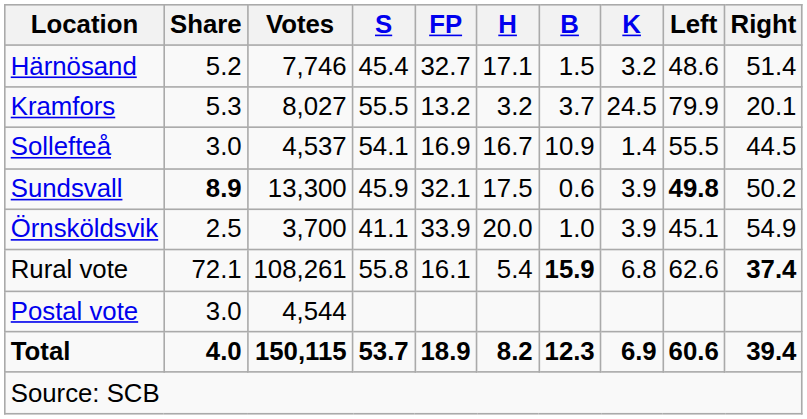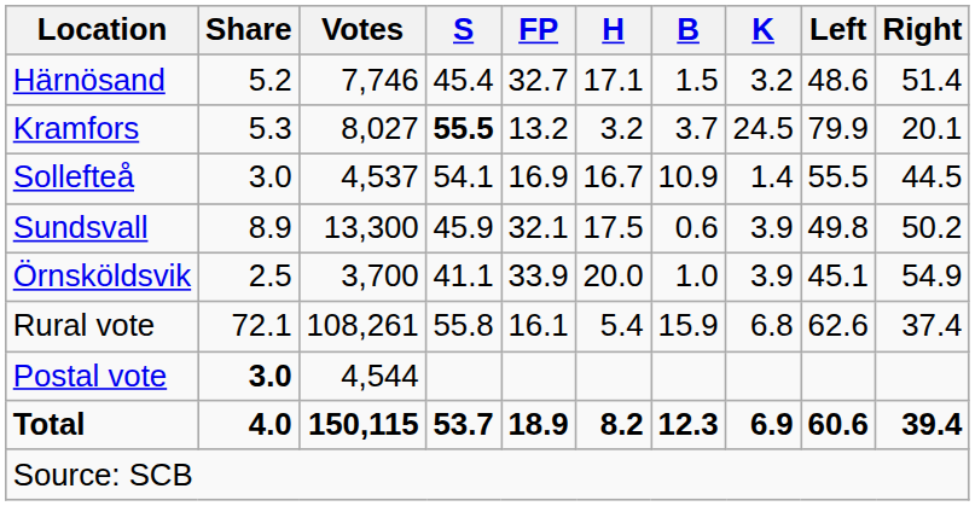 <table class="wikitable sortable" style=text-align:right>
 <tr>
 <th>Location</th>
 <th>Share</th>
 <th>Votes</th>
 <th><a href='#'>S</a></th>
 <th><a href='#'>FP</a></th>
 <th><a href='#'>H</a></th>
 <th><a href='#'>B</a></th>
 <th><a href='#'>K</a></th>
 <th>Left</th>
 <th>Right</th>
 </tr>
 <tr>
 <td align=left><a href='#'>Härnösand</a></td>
 <td>5.2</td>
 <td>7,746</td>
 <td>45.4</td>
 <td>32.7</td>
 <td>17.1</td>
 <td>1.5</td>
 <td>3.2</td>
 <td>48.6</td>
 <td>51.4</td>
 </tr>
 <tr>
 <td align=left><a href='#'>Kramfors</a></td>
 <td>5.3</td>
 <td>8,027</td>
-<td>55.5</td>
+<td><strong>55.5</strong></td>
 <td>13.2</td>
 <td>3.2</td>
 <td>3.7</td>
 <td>24.5</td>
 <td>79.9</td>
 <td>20.1</td>
 </tr>
 <tr>
 <td align=left><a href='#'>Sollefteå</a></td>
 <td>3.0</td>
 <td>4,537</td>
 <td>54.1</td>
 <td>16.9</td>
 <td>16.7</td>
 <td>10.9</td>
 <td>1.4</td>
 <td>55.5</td>
 <td>44.5</td>
 </tr>
 <tr>
 <td align=left><a href='#'>Sundsvall</a></td>
-<td><strong>8.9</strong></td>
+<td>8.9</td>
 <td>13,300</td>
 <td>45.9</td>
 <td>32.1</td>
 <td>17.5</td>
 <td>0.6</td>
 <td>3.9</td>
-<td><strong>49.8</strong></td>
+<td>49.8</td>
 <td>50.2</td>
 </tr>
 <tr>
 <td align=left><a href='#'>Örnsköldsvik</a></td>
 <td>2.5</td>
 <td>3,700</td>
 <td>41.1</td>
 <td>33.9</td>
 <td>20.0</td>
 <td>1.0</td>
 <td>3.9</td>
 <td>45.1</td>
 <td>54.9</td>
 </tr>
 <tr>
 <td align=left>Rural vote</td>
 <td>72.1</td>
 <td>108,261</td>
 <td>55.8</td>
 <td>16.1</td>
 <td>5.4</td>
-<td><strong>15.9</strong></td>
+<td>15.9</td>
 <td>6.8</td>
 <td>62.6</td>
-<td><strong>37.4</strong></td>
+<td>37.4</td>
 </tr>
 <tr>
 <td align=left><a href='#'>Postal vote</a></td>
-<td>3.0</td>
+<td><strong>3.0</strong></td>
 <td>4,544</td>
 <td></td>
 <td></td>
 <td></td>
 <td></td>
 <td></td>
 <td></td>
 <td></td>
 </tr>
 <tr>
 <td align=left><strong>Total</strong></td>
 <td><strong>4.0</strong></td>
 <td><strong>150,115</strong></td>
 <td><strong>53.7</strong></td>
 <td><strong>18.9</strong></td>
 <td><strong>8.2</strong></td>
 <td><strong>12.3</strong></td>
 <td><strong>6.9</strong></td>
 <td><strong>60.6</strong></td>
 <td><strong>39.4</strong></td>
 </tr>
 <tr>
 <td align=left colspan=10>Source: SCB </td>
 </tr>
 </table>
